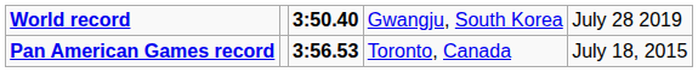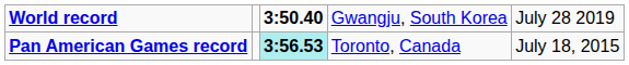 <table class="wikitable">
 <tr>
 <td><strong><a href='#'>World record</a></strong></td>
 <td></td>
 <td><strong>3:50.40</strong></td>
 <td><a href='#'>Gwangju</a>, <a href='#'>South Korea</a></td>
 <td>July 28 2019</td>
 </tr>
 <tr>
 <td><strong><a href='#'>Pan American Games record</a></strong></td>
 <td></td>
-<td><strong>3:56.53</strong></td>
+<td style="background: paleturquoise;"><strong>3:56.53</strong></td>
 <td><a href='#'>Toronto</a>, <a href='#'>Canada</a></td>
 <td>July 18, 2015</td>
 </tr>
 </table>
